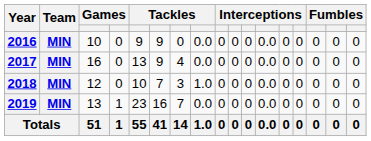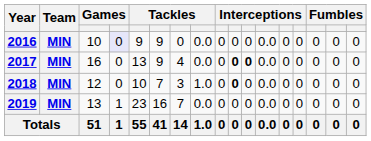 <table class="wikitable" style="text-align:center;">
 <tr>
 <th rowspan="2">Year</th>
 <th rowspan="2">Team</th>
 <th colspan="2">Games</th>
 <th colspan="4">Tackles</th>
 <th colspan="6">Interceptions</th>
 <th colspan="3">Fumbles</th>
 </tr>
 <tr>
 <th></th>
 <th></th>
 <th></th>
 <th></th>
 <th></th>
 <th></th>
 <th></th>
 <th></th>
 <th></th>
 <th></th>
 <th></th>
 <th></th>
 <th></th>
 <th></th>
 <th></th>
 </tr>
 <tr>
 <th><a href='#'>2016</a></th>
 <th><a href='#'>MIN</a></th>
 <td>10</td>
-<td>0</td>
+<td style="background: lavender;">0</td>
 <td>9</td>
 <td>9</td>
 <td>0</td>
 <td>0.0</td>
 <td>0</td>
 <td>0</td>
 <td>0</td>
 <td>0.0</td>
 <td>0</td>
 <td>0</td>
 <td>0</td>
 <td>0</td>
 <td>0</td>
 </tr>
 <tr>
 <th><a href='#'>2017</a></th>
 <th><a href='#'>MIN</a></th>
 <td>16</td>
 <td>0</td>
 <td>13</td>
 <td>9</td>
 <td>4</td>
 <td>0.0</td>
 <td>0</td>
-<td>0</td>
-<td>0</td>
+<td><strong>0</strong></td>
+<td><strong>0</strong></td>
 <td>0.0</td>
 <td>0</td>
 <td>0</td>
 <td>0</td>
 <td>0</td>
 <td>0</td>
 </tr>
 <tr>
 <th><a href='#'>2018</a></th>
 <th><a href='#'>MIN</a></th>
 <td>12</td>
 <td>0</td>
 <td>10</td>
 <td>7</td>
 <td>3</td>
 <td>1.0</td>
 <td>0</td>
-<td>0</td>
+<td><strong>0</strong></td>
 <td>0</td>
 <td>0.0</td>
 <td>0</td>
 <td>0</td>
 <td>0</td>
 <td>0</td>
 <td>0</td>
 </tr>
 <tr>
 <th><a href='#'>2019</a></th>
 <th><a href='#'>MIN</a></th>
 <td>13</td>
 <td>1</td>
 <td>23</td>
 <td>16</td>
 <td>7</td>
 <td>0.0</td>
 <td>0</td>
 <td>0</td>
 <td>0</td>
 <td>0.0</td>
 <td>0</td>
 <td>0</td>
 <td>0</td>
 <td>0</td>
 <td>0</td>
 </tr>
 <tr>
 <th colspan="2">Totals</th>
 <th>51</th>
 <th>1</th>
 <th>55</th>
 <th>41</th>
 <th>14</th>
 <th>1.0</th>
 <th>0</th>
 <th>0</th>
 <th>0</th>
 <th>0.0</th>
 <th>0</th>
 <th>0</th>
 <th>0</th>
 <th>0</th>
 <th>0</th>
 </tr>
 </table>
